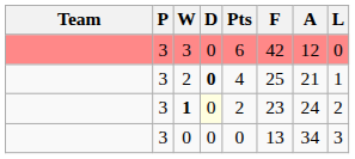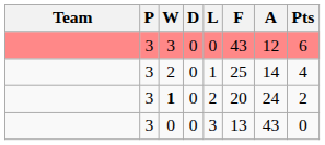 <table class="wikitable" style="text-align:center;">
 <tr>
 <th width="120px">Team</th>
 <th>P</th>
 <th>W</th>
 <th>D</th>
-<th width="23px">Pts</th>
+<th>L</th>
 <th width="23px">F</th>
 <th width="23px">A</th>
-<th>L</th>
+<th width="23px">Pts</th>
 </tr>
 <tr bgcolor="#FF8888">
 <td></td>
 <td>3</td>
 <td>3</td>
 <td>0</td>
+<td>0</td>
+<td>43</td>
+<td>12</td>
 <td>6</td>
-<td>42</td>
-<td>12</td>
-<td>0</td>
 </tr>
 <tr>
 <td></td>
 <td>3</td>
 <td>2</td>
-<td><strong>0</strong></td>
+<td>0</td>
+<td>1</td>
+<td>25</td>
+<td>14</td>
 <td>4</td>
-<td>25</td>
-<td>21</td>
-<td>1</td>
 </tr>
 <tr>
 <td></td>
 <td>3</td>
 <td><strong>1</strong></td>
-<td style="background: lightyellow;">0</td>
+<td>0</td>
 <td>2</td>
-<td>23</td>
+<td>20</td>
 <td>24</td>
 <td>2</td>
 </tr>
 <tr>
 <td></td>
 <td>3</td>
 <td>0</td>
 <td>0</td>
+<td>3</td>
+<td>13</td>
+<td>43</td>
 <td>0</td>
-<td>13</td>
-<td>34</td>
-<td>3</td>
 </tr>
 </table>
